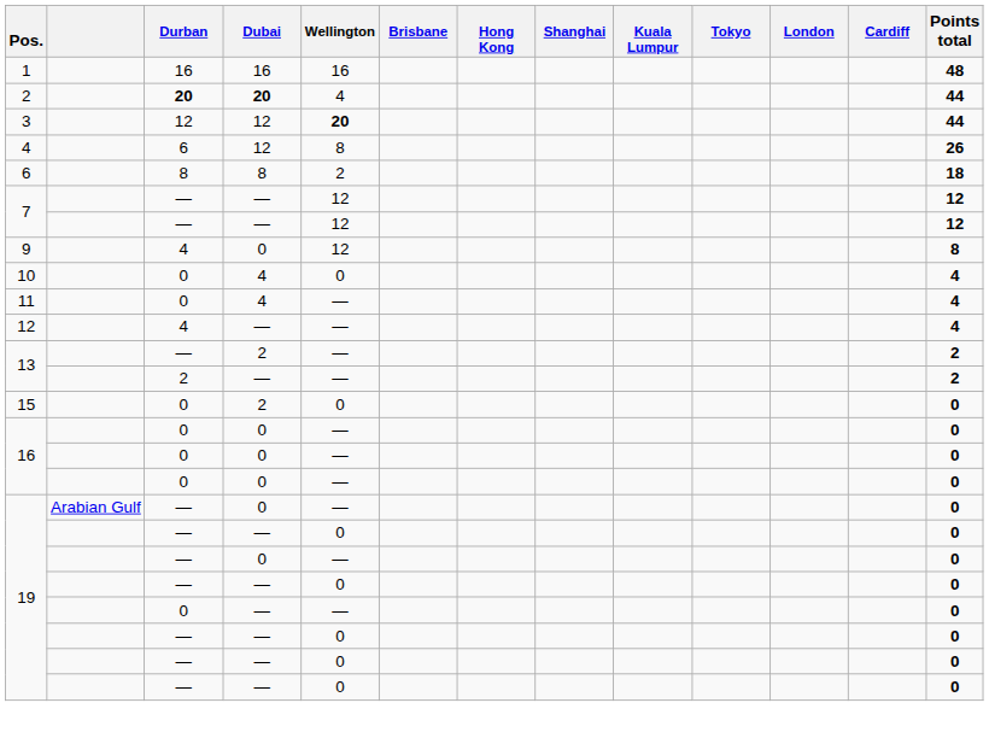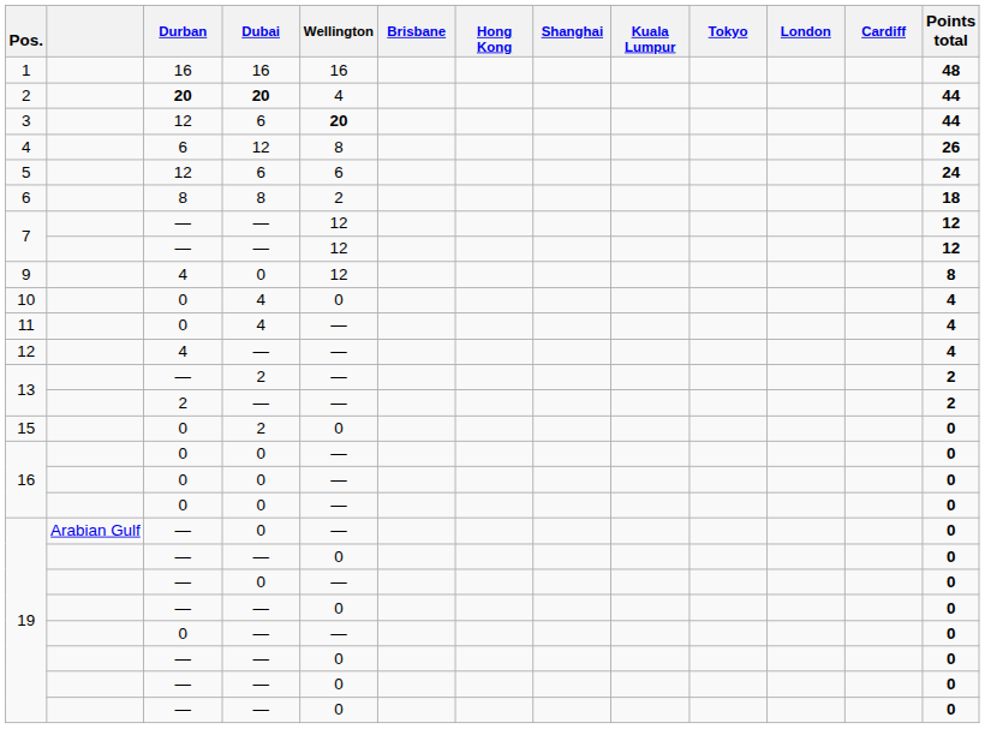 <table class="wikitable" style="text-align:center;">
 <tr>
 <th style="width:2em;"><br>Pos.</th>
 <th></th>
 <th style="width:5.2em; vertical-align:top; font-size:85%;"><br><a href='#'>Durban</a></th>
 <th style="width:5.2em; vertical-align:top; font-size:85%;"><br><a href='#'>Dubai</a></th>
 <th style="width:5.2em; vertical-align:top; font-size:85%;"><br>Wellington</th>
 <th style="width:5.2em; vertical-align:top; font-size:85%;"><br><a href='#'>Brisbane</a></th>
 <th style="width:5.2em; vertical-align:top; font-size:85%;"><br><a href='#'>Hong Kong</a></th>
 <th style="width:5.2em; vertical-align:top; font-size:85%;"><br><a href='#'>Shanghai</a></th>
 <th style="width:5.2em; vertical-align:top; font-size:85%;"><br><a href='#'>Kuala Lumpur</a></th>
 <th style="width:5.2em; vertical-align:top; font-size:85%;"><br><a href='#'>Tokyo</a></th>
 <th style="width:5.2em; vertical-align:top; font-size:85%;"><br><a href='#'>London</a></th>
 <th style="width:5.2em; vertical-align:top; font-size:85%;"><br><a href='#'>Cardiff</a></th>
 <th>Points<br>total</th>
 </tr>
 <tr>
 <td>1</td>
 <td align=left></td>
 <td>16</td>
 <td>16</td>
 <td>16</td>
 <td></td>
 <td></td>
 <td></td>
 <td></td>
 <td></td>
 <td></td>
 <td></td>
 <td><strong>48</strong></td>
 </tr>
 <tr>
 <td>2</td>
 <td align=left></td>
 <td><strong>20</strong></td>
 <td><strong>20</strong></td>
 <td>4</td>
 <td></td>
 <td></td>
 <td></td>
 <td></td>
 <td></td>
 <td></td>
 <td></td>
 <td><strong>44</strong></td>
 </tr>
 <tr>
 <td>3</td>
 <td align=left></td>
 <td>12</td>
-<td>12</td>
+<td>6</td>
 <td><strong>20</strong></td>
 <td></td>
 <td></td>
 <td></td>
 <td></td>
 <td></td>
 <td></td>
 <td></td>
 <td><strong>44</strong></td>
 </tr>
 <tr>
 <td>4</td>
 <td align=left></td>
 <td>6</td>
 <td>12</td>
 <td>8</td>
 <td></td>
 <td></td>
 <td></td>
 <td></td>
 <td></td>
 <td></td>
 <td></td>
 <td><strong>26</strong></td>
+</tr>
+<tr>
+<td>5</td>
+<td align=left></td>
+<td>12</td>
+<td>6</td>
+<td>6</td>
+<td></td>
+<td></td>
+<td></td>
+<td></td>
+<td></td>
+<td></td>
+<td></td>
+<td><strong>24</strong></td>
 </tr>
 <tr>
 <td>6</td>
 <td align=left></td>
 <td>8</td>
 <td>8</td>
 <td>2</td>
 <td></td>
 <td></td>
 <td></td>
 <td></td>
 <td></td>
 <td></td>
 <td></td>
 <td><strong>18</strong></td>
 </tr>
 <tr>
 <td rowspan=2>7</td>
 <td align=left></td>
 <td>—</td>
 <td>—</td>
 <td>12</td>
 <td></td>
 <td></td>
 <td></td>
 <td></td>
 <td></td>
 <td></td>
 <td></td>
 <td><strong>12</strong></td>
 </tr>
 <tr>
 <td align=left></td>
 <td>—</td>
 <td>—</td>
 <td>12</td>
 <td></td>
 <td></td>
 <td></td>
 <td></td>
 <td></td>
 <td></td>
 <td></td>
 <td><strong>12</strong></td>
 </tr>
 <tr>
 <td>9</td>
 <td align=left></td>
 <td>4</td>
 <td>0</td>
 <td>12</td>
 <td></td>
 <td></td>
 <td></td>
 <td></td>
 <td></td>
 <td></td>
 <td></td>
 <td><strong>8</strong></td>
 </tr>
 <tr>
 <td>10</td>
 <td align=left></td>
 <td>0</td>
 <td>4</td>
 <td>0</td>
 <td></td>
 <td></td>
 <td></td>
 <td></td>
 <td></td>
 <td></td>
 <td></td>
 <td><strong>4</strong></td>
 </tr>
 <tr>
 <td>11</td>
 <td align=left></td>
 <td>0</td>
 <td>4</td>
 <td>—</td>
 <td></td>
 <td></td>
 <td></td>
 <td></td>
 <td></td>
 <td></td>
 <td></td>
 <td><strong>4</strong></td>
 </tr>
 <tr>
 <td>12</td>
 <td align=left></td>
 <td>4</td>
 <td>—</td>
 <td>—</td>
 <td></td>
 <td></td>
 <td></td>
 <td></td>
 <td></td>
 <td></td>
 <td></td>
 <td><strong>4</strong></td>
 </tr>
 <tr>
 <td rowspan=2>13</td>
 <td align=left></td>
 <td>—</td>
 <td>2</td>
 <td>—</td>
 <td></td>
 <td></td>
 <td></td>
 <td></td>
 <td></td>
 <td></td>
 <td></td>
 <td><strong>2</strong></td>
 </tr>
 <tr>
 <td align=left></td>
 <td>2</td>
 <td>—</td>
 <td>—</td>
 <td></td>
 <td></td>
 <td></td>
 <td></td>
 <td></td>
 <td></td>
 <td></td>
 <td><strong>2</strong></td>
 </tr>
 <tr>
 <td>15</td>
 <td align=left></td>
 <td>0</td>
 <td>2</td>
 <td>0</td>
 <td></td>
 <td></td>
 <td></td>
 <td></td>
 <td></td>
 <td></td>
 <td></td>
 <td><strong>0</strong></td>
 </tr>
 <tr>
 <td rowspan=3>16</td>
 <td align=left></td>
 <td>0</td>
 <td>0</td>
 <td>—</td>
 <td></td>
 <td></td>
 <td></td>
 <td></td>
 <td></td>
 <td></td>
 <td></td>
 <td><strong>0</strong></td>
 </tr>
 <tr>
 <td align=left></td>
 <td>0</td>
 <td>0</td>
 <td>—</td>
 <td></td>
 <td></td>
 <td></td>
 <td></td>
 <td></td>
 <td></td>
 <td></td>
 <td><strong>0</strong></td>
 </tr>
 <tr>
 <td align=left></td>
 <td>0</td>
 <td>0</td>
 <td>—</td>
 <td></td>
 <td></td>
 <td></td>
 <td></td>
 <td></td>
 <td></td>
 <td></td>
 <td><strong>0</strong></td>
 </tr>
 <tr>
 <td rowspan=8>19</td>
 <td align=left> <a href='#'>Arabian Gulf</a></td>
 <td>—</td>
 <td>0</td>
 <td>—</td>
 <td></td>
 <td></td>
 <td></td>
 <td></td>
 <td></td>
 <td></td>
 <td></td>
 <td><strong>0</strong></td>
 </tr>
 <tr>
 <td align=left></td>
 <td>—</td>
 <td>—</td>
 <td>0</td>
 <td></td>
 <td></td>
 <td></td>
 <td></td>
 <td></td>
 <td></td>
 <td></td>
 <td><strong>0</strong></td>
 </tr>
 <tr>
 <td align=left></td>
 <td>—</td>
 <td>0</td>
 <td>—</td>
 <td></td>
 <td></td>
 <td></td>
 <td></td>
 <td></td>
 <td></td>
 <td></td>
 <td><strong>0</strong></td>
 </tr>
 <tr>
 <td align=left></td>
 <td>—</td>
 <td>—</td>
 <td>0</td>
 <td></td>
 <td></td>
 <td></td>
 <td></td>
 <td></td>
 <td></td>
 <td></td>
 <td><strong>0</strong></td>
 </tr>
 <tr>
 <td align=left></td>
 <td>0</td>
 <td>—</td>
 <td>—</td>
 <td></td>
 <td></td>
 <td></td>
 <td></td>
 <td></td>
 <td></td>
 <td></td>
 <td><strong>0</strong></td>
 </tr>
 <tr>
 <td align=left></td>
 <td>—</td>
 <td>—</td>
 <td>0</td>
 <td></td>
 <td></td>
 <td></td>
 <td></td>
 <td></td>
 <td></td>
 <td></td>
 <td><strong>0</strong></td>
 </tr>
 <tr>
 <td align=left></td>
 <td>—</td>
 <td>—</td>
 <td>0</td>
 <td></td>
 <td></td>
 <td></td>
 <td></td>
 <td></td>
 <td></td>
 <td></td>
 <td><strong>0</strong></td>
 </tr>
 <tr>
 <td align=left></td>
 <td>—</td>
 <td>—</td>
 <td>0</td>
 <td></td>
 <td></td>
 <td></td>
 <td></td>
 <td></td>
 <td></td>
 <td></td>
 <td><strong>0</strong></td>
 </tr>
 </table>
